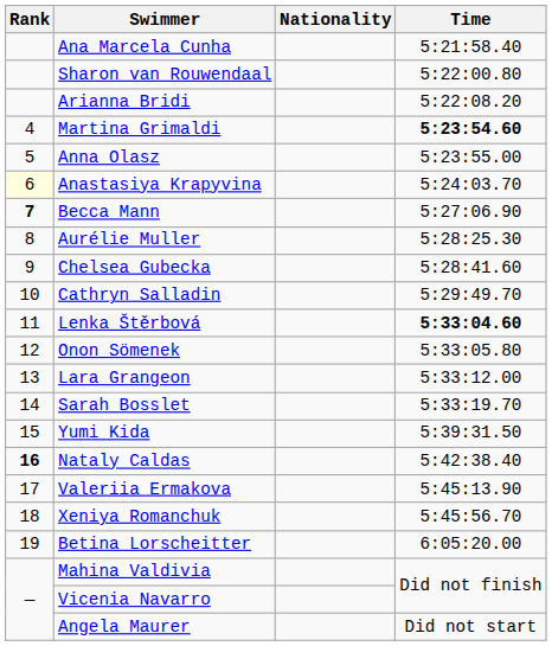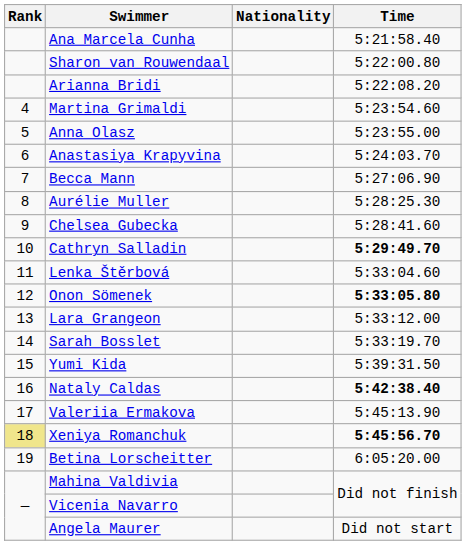 <table class="wikitable sortable" border="1" style="text-align:center">
 <tr>
 <th>Rank</th>
 <th>Swimmer</th>
 <th>Nationality</th>
 <th>Time</th>
 </tr>
 <tr>
 <td></td>
 <td align=left><a href='#'>Ana Marcela Cunha</a></td>
 <td align=left></td>
 <td>5:21:58.40</td>
 </tr>
 <tr>
 <td></td>
 <td align=left><a href='#'>Sharon van Rouwendaal</a></td>
 <td align=left></td>
 <td>5:22:00.80</td>
 </tr>
 <tr>
 <td></td>
 <td align=left><a href='#'>Arianna Bridi</a></td>
 <td align=left></td>
 <td>5:22:08.20</td>
 </tr>
 <tr>
 <td>4</td>
 <td align=left><a href='#'>Martina Grimaldi</a></td>
 <td align=left></td>
-<td><strong>5:23:54.60</strong></td>
+<td>5:23:54.60</td>
 </tr>
 <tr>
 <td>5</td>
 <td align=left><a href='#'>Anna Olasz</a></td>
 <td align=left></td>
 <td>5:23:55.00</td>
 </tr>
 <tr>
-<td style="background: lightyellow;">6</td>
+<td>6</td>
 <td align=left><a href='#'>Anastasiya Krapyvina</a></td>
 <td align=left></td>
 <td>5:24:03.70</td>
 </tr>
 <tr>
-<td><strong>7</strong></td>
+<td>7</td>
 <td align=left><a href='#'>Becca Mann</a></td>
 <td align=left></td>
 <td>5:27:06.90</td>
 </tr>
 <tr>
 <td>8</td>
 <td align=left><a href='#'>Aurélie Muller</a></td>
 <td align=left></td>
 <td>5:28:25.30</td>
 </tr>
 <tr>
 <td>9</td>
 <td align=left><a href='#'>Chelsea Gubecka</a></td>
 <td align=left></td>
 <td>5:28:41.60</td>
 </tr>
 <tr>
 <td>10</td>
 <td align=left><a href='#'>Cathryn Salladin</a></td>
 <td align=left></td>
-<td>5:29:49.70</td>
+<td><strong>5:29:49.70</strong></td>
 </tr>
 <tr>
 <td>11</td>
 <td align=left><a href='#'>Lenka Štěrbová</a></td>
 <td align=left></td>
-<td><strong>5:33:04.60</strong></td>
+<td>5:33:04.60</td>
 </tr>
 <tr>
 <td>12</td>
 <td align=left><a href='#'>Onon Sömenek</a></td>
 <td align=left></td>
-<td>5:33:05.80</td>
+<td><strong>5:33:05.80</strong></td>
 </tr>
 <tr>
 <td>13</td>
 <td align=left><a href='#'>Lara Grangeon</a></td>
 <td align=left></td>
 <td>5:33:12.00</td>
 </tr>
 <tr>
 <td>14</td>
 <td align=left><a href='#'>Sarah Bosslet</a></td>
 <td align=left></td>
 <td>5:33:19.70</td>
 </tr>
 <tr>
 <td>15</td>
 <td align=left><a href='#'>Yumi Kida</a></td>
 <td align=left></td>
 <td>5:39:31.50</td>
 </tr>
 <tr>
-<td><strong>16</strong></td>
+<td>16</td>
 <td align=left><a href='#'>Nataly Caldas</a></td>
 <td align=left></td>
-<td>5:42:38.40</td>
+<td><strong>5:42:38.40</strong></td>
 </tr>
 <tr>
 <td>17</td>
 <td align=left><a href='#'>Valeriia Ermakova</a></td>
 <td align=left></td>
 <td>5:45:13.90</td>
 </tr>
 <tr>
-<td>18</td>
+<td style="background: khaki;">18</td>
 <td align=left><a href='#'>Xeniya Romanchuk</a></td>
 <td align=left></td>
-<td>5:45:56.70</td>
+<td><strong>5:45:56.70</strong></td>
 </tr>
 <tr>
 <td>19</td>
 <td align=left><a href='#'>Betina Lorscheitter</a></td>
 <td align=left></td>
 <td>6:05:20.00</td>
 </tr>
 <tr>
 <td rowspan=3>—</td>
 <td align=left><a href='#'>Mahina Valdivia</a></td>
 <td align=left></td>
 <td rowspan=2>Did not finish</td>
 </tr>
 <tr>
 <td align=left><a href='#'>Vicenia Navarro</a></td>
 <td align=left></td>
 </tr>
 <tr>
 <td align=left><a href='#'>Angela Maurer</a></td>
 <td align=left></td>
 <td>Did not start</td>
 </tr>
 </table>
